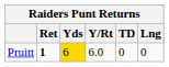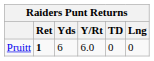 <table class="wikitable">
 <tr>
 <th colspan="6">Raiders Punt Returns</th>
 </tr>
 <tr>
 <th></th>
 <th>Ret</th>
 <th>Yds</th>
 <th>Y/Rt</th>
 <th>TD</th>
 <th>Lng</th>
 </tr>
 <tr>
 <td><a href='#'>Pruitt</a></td>
 <td><strong>1</strong></td>
-<td style="background: gold;">6</td>
+<td>6</td>
 <td>6.0</td>
 <td>0</td>
 <td>0</td>
 </tr>
 </table>
